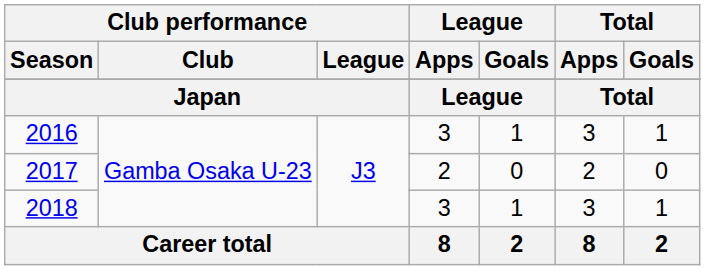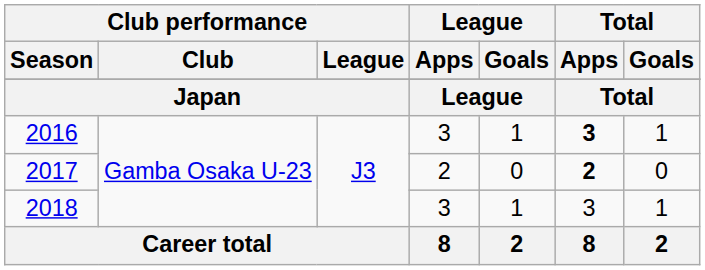 <table class="wikitable" style="text-align:center">
 <tr>
 <th colspan=3>Club performance</th>
 <th colspan=2>League</th>
 <th colspan=2>Total</th>
 </tr>
 <tr>
 <th>Season</th>
 <th>Club</th>
 <th>League</th>
 <th>Apps</th>
 <th>Goals</th>
 <th>Apps</th>
 <th>Goals</th>
 </tr>
 <tr>
 </tr>
 <tr>
 <th colspan=3>Japan</th>
 <th colspan=2>League</th>
 <th colspan=2>Total</th>
 </tr>
 <tr>
 <td><a href='#'>2016</a></td>
 <td rowspan=3><a href='#'>Gamba Osaka U-23</a></td>
 <td rowspan=3><a href='#'>J3</a></td>
 <td>3</td>
 <td>1</td>
-<td>3</td>
+<td><strong>3</strong></td>
 <td>1</td>
 </tr>
 <tr>
 <td><a href='#'>2017</a></td>
 <td>2</td>
 <td>0</td>
-<td>2</td>
+<td><strong>2</strong></td>
 <td>0</td>
 </tr>
 <tr>
 <td><a href='#'>2018</a></td>
 <td>3</td>
 <td>1</td>
 <td>3</td>
 <td>1</td>
 </tr>
 <tr>
 <th colspan=3>Career total</th>
 <th>8</th>
 <th>2</th>
 <th>8</th>
 <th>2</th>
 </tr>
 </table>
